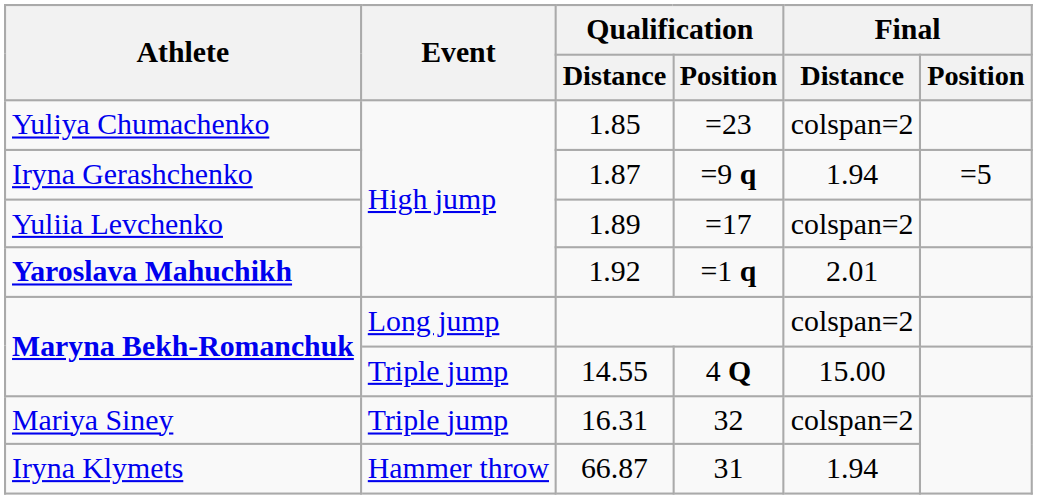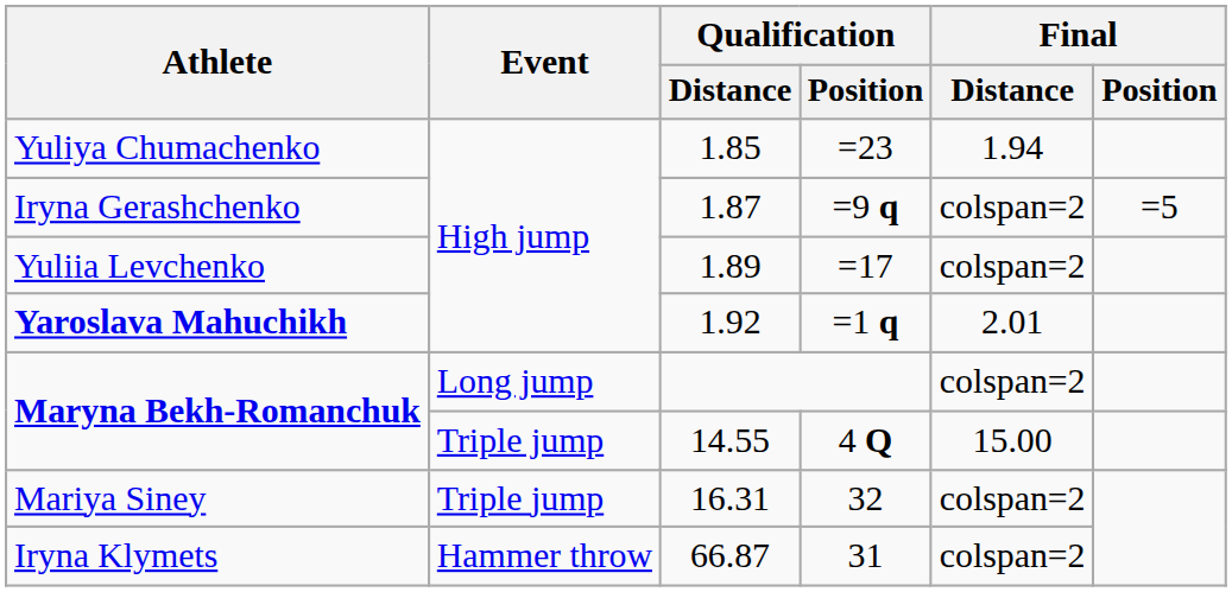 <table class=wikitable style=font-size:90%>
 <tr>
 <th rowspan=2>Athlete</th>
 <th rowspan=2>Event</th>
 <th colspan=2>Qualification</th>
 <th colspan=2>Final</th>
 </tr>
 <tr style=font-size:95%>
 <th>Distance</th>
 <th>Position</th>
 <th>Distance</th>
 <th>Position</th>
 </tr>
 <tr align=center>
 <td align=left><a href='#'>Yuliya Chumachenko</a></td>
 <td align=left rowspan=4><a href='#'>High jump</a></td>
 <td>1.85</td>
 <td>=23</td>
-<td>colspan=2 </td>
+<td>1.94</td>
 </tr>
 <tr align=center>
 <td align=left><a href='#'>Iryna Gerashchenko</a></td>
 <td>1.87</td>
 <td>=9 <strong>q</strong></td>
-<td>1.94</td>
+<td>colspan=2 </td>
 <td>=5</td>
 </tr>
 <tr align=center>
 <td align=left><a href='#'>Yuliia Levchenko</a></td>
 <td>1.89</td>
 <td>=17</td>
 <td>colspan=2 </td>
 </tr>
 <tr align=center>
 <td align=left><strong><a href='#'>Yaroslava Mahuchikh</a></strong></td>
 <td>1.92</td>
 <td>=1 <strong>q</strong></td>
 <td>2.01</td>
 <td></td>
 </tr>
 <tr align=center>
 <td align=left rowspan=2><strong><a href='#'>Maryna Bekh-Romanchuk</a></strong></td>
 <td align=left><a href='#'>Long jump</a></td>
 <td colspan=2></td>
 <td>colspan=2 </td>
 </tr>
 <tr align=center>
 <td align=left><a href='#'>Triple jump</a></td>
 <td>14.55</td>
 <td>4 <strong>Q</strong></td>
 <td>15.00 </td>
 <td></td>
 </tr>
 <tr align=center>
 <td align=left><a href='#'>Mariya Siney</a></td>
 <td align=left><a href='#'>Triple jump</a></td>
 <td>16.31</td>
 <td>32</td>
 <td>colspan=2 </td>
 </tr>
 <tr align=center>
 <td align=left><a href='#'>Iryna Klymets</a></td>
 <td align=left><a href='#'>Hammer throw</a></td>
 <td>66.87</td>
 <td>31</td>
-<td>1.94</td>
+<td>colspan=2 </td>
 </tr>
 </table>
